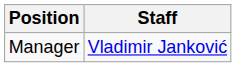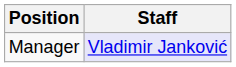 <table class="wikitable">
 <tr>
 <th>Position</th>
 <th>Staff</th>
 </tr>
 <tr>
 <td>Manager</td>
-<td> <a href='#'>Vladimir Janković</a></td>
+<td style="background: lavender;"> <a href='#'>Vladimir Janković</a></td>
 </tr>
 </table>
